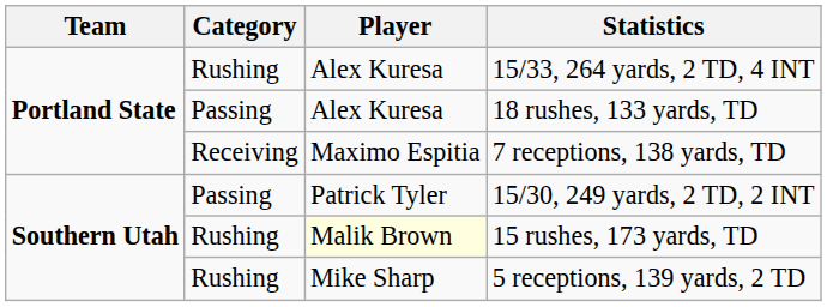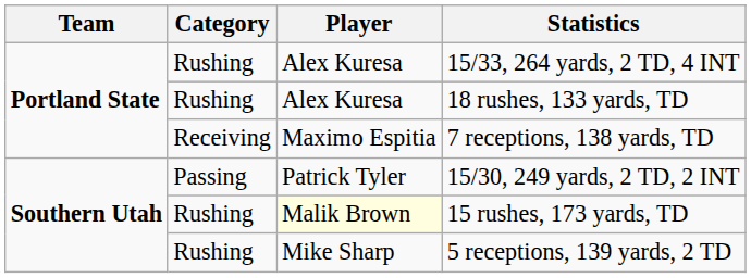 <table class="wikitable" style="float: left;">
 <tr>
 <th>Team</th>
 <th>Category</th>
 <th>Player</th>
 <th>Statistics</th>
 </tr>
 <tr>
 <td rowspan=3><strong>Portland State</strong></td>
 <td>Rushing</td>
 <td>Alex Kuresa</td>
 <td>15/33, 264 yards, 2 TD, 4 INT</td>
 </tr>
 <tr>
-<td>Passing</td>
+<td>Rushing</td>
 <td>Alex Kuresa</td>
 <td>18 rushes, 133 yards, TD</td>
 </tr>
 <tr>
 <td>Receiving</td>
 <td>Maximo Espitia</td>
 <td>7 receptions, 138 yards, TD</td>
 </tr>
 <tr>
 <td rowspan=3><strong>Southern Utah</strong></td>
 <td>Passing</td>
 <td>Patrick Tyler</td>
 <td>15/30, 249 yards, 2 TD, 2 INT</td>
 </tr>
 <tr>
 <td>Rushing</td>
 <td style="background: lightyellow;">Malik Brown</td>
 <td>15 rushes, 173 yards, TD</td>
 </tr>
 <tr>
 <td>Rushing</td>
 <td>Mike Sharp</td>
 <td>5 receptions, 139 yards, 2 TD</td>
 </tr>
 </table>
